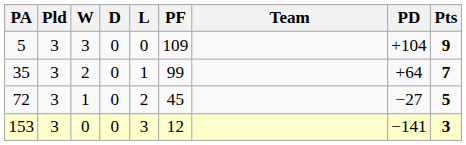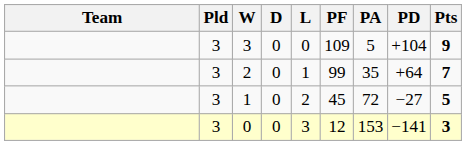 <table class="wikitable" style="text-align:center;">
 <tr>
-<th width=20 abbr="Points against">PA</th>
+<th width=175>Team</th>
 <th width=20 abbr="Played">Pld</th>
 <th width=20 abbr="Won">W</th>
 <th width=20 abbr="Drawn">D</th>
 <th width=20 abbr="Lost">L</th>
 <th width=20 abbr="Points for">PF</th>
-<th width=175>Team</th>
+<th width=20 abbr="Points against">PA</th>
 <th width=25 abbr="Points difference">PD</th>
 <th width=20 abbr="Points">Pts</th>
 </tr>
 <tr>
-<td>5</td>
+<td align=left></td>
 <td>3</td>
 <td>3</td>
 <td>0</td>
 <td>0</td>
 <td>109</td>
-<td align=left></td>
+<td>5</td>
 <td>+104</td>
 <td><strong>9</strong></td>
 </tr>
 <tr>
-<td>35</td>
+<td align=left></td>
 <td>3</td>
 <td>2</td>
 <td>0</td>
 <td>1</td>
 <td>99</td>
-<td align=left></td>
+<td>35</td>
 <td>+64</td>
 <td><strong>7</strong></td>
 </tr>
 <tr>
-<td>72</td>
+<td align=left></td>
 <td>3</td>
 <td>1</td>
 <td>0</td>
 <td>2</td>
 <td>45</td>
-<td align=left></td>
+<td>72</td>
 <td>−27</td>
 <td><strong>5</strong></td>
 </tr>
 <tr bgcolor=ffffcc>
-<td>153</td>
+<td align=left><strong></strong></td>
 <td>3</td>
 <td>0</td>
 <td>0</td>
 <td>3</td>
 <td>12</td>
-<td align=left><strong></strong></td>
+<td>153</td>
 <td>−141</td>
 <td><strong>3</strong></td>
 </tr>
 </table>
